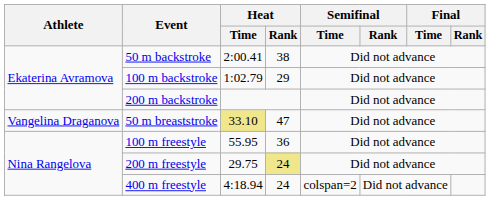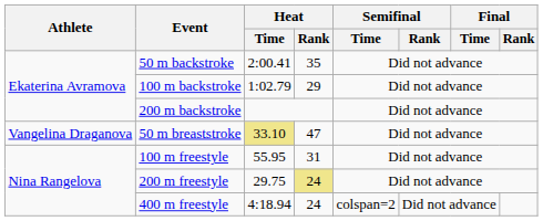 <table class=wikitable style="font-size:90%">
 <tr>
 <th rowspan="2">Athlete</th>
 <th rowspan="2">Event</th>
 <th colspan="2">Heat</th>
 <th colspan="2">Semifinal</th>
 <th colspan="2">Final</th>
 </tr>
 <tr style="font-size:95%">
 <th>Time</th>
 <th>Rank</th>
 <th>Time</th>
 <th>Rank</th>
 <th>Time</th>
 <th>Rank</th>
 </tr>
 <tr align=center>
 <td align=left rowspan=3><a href='#'>Ekaterina Avramova</a></td>
 <td align=left><a href='#'>50 m backstroke</a></td>
 <td>2:00.41</td>
-<td>38</td>
+<td>35</td>
 <td colspan=4>Did not advance</td>
 </tr>
 <tr align=center>
 <td align=left><a href='#'>100 m backstroke</a></td>
 <td>1:02.79</td>
 <td>29</td>
 <td colspan=4>Did not advance</td>
 </tr>
 <tr align=center>
 <td align=left><a href='#'>200 m backstroke</a></td>
 <td colspan=2></td>
 <td colspan=4>Did not advance</td>
 </tr>
 <tr align=center>
 <td align=left><a href='#'>Vangelina Draganova</a></td>
 <td align=left><a href='#'>50 m breaststroke</a></td>
 <td style="background: khaki;">33.10</td>
 <td>47</td>
 <td colspan=4>Did not advance</td>
 </tr>
 <tr align=center>
 <td align=left rowspan=3><a href='#'>Nina Rangelova</a></td>
 <td align=left><a href='#'>100 m freestyle</a></td>
 <td>55.95</td>
-<td>36</td>
+<td>31</td>
 <td colspan=4>Did not advance</td>
 </tr>
 <tr align=center>
 <td align=left><a href='#'>200 m freestyle</a></td>
 <td>29.75</td>
 <td style="background: khaki;">24</td>
 <td colspan=4>Did not advance</td>
 </tr>
 <tr align=center>
 <td align=left><a href='#'>400 m freestyle</a></td>
 <td>4:18.94</td>
 <td>24</td>
 <td>colspan=2 </td>
 <td colspan=2>Did not advance</td>
 </tr>
 </table>
